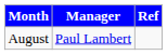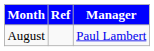 <table class="wikitable" style="text-align:center">
 <tr>
 <th style="background:blue; color:white; width=0%">Month</th>
+<th style="background:blue; color:white; width=0%">Ref</th>
 <th style="background:blue; color:white; width=0%">Manager</th>
-<th style="background:blue; color:white; width=0%">Ref</th>
 </tr>
 <tr>
 <td>August</td>
+<td></td>
 <td> <a href='#'>Paul Lambert</a></td>
-<td></td>
 </tr>
 </table>
